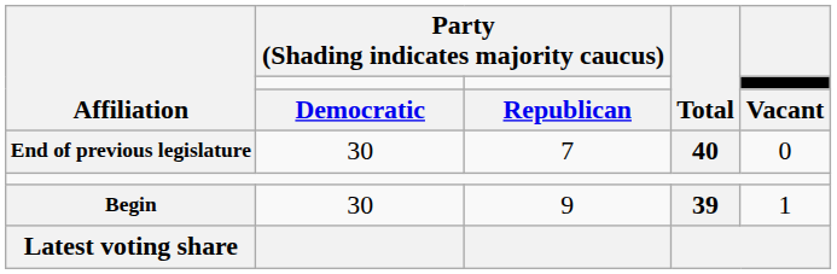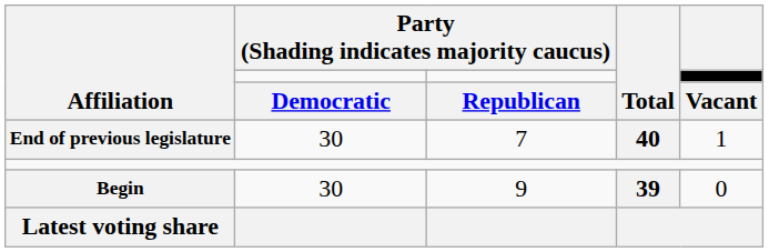 <table class="wikitable" style="text-align:center">
 <tr valign="bottom">
 <th scope="col" rowspan="3">Affiliation</th>
 <th scope="col" colspan="2">Party <div>(Shading indicates majority caucus)</div></th>
 <th scope="col" rowspan="3">Total</th>
 <th scope="col" colspan="2"></th>
 </tr>
 <tr style="height:5px">
 <td style="background-color:"></td>
 <td style="background-color:"></td>
 <td colspan="2" style="background:black"></td>
 </tr>
 <tr>
 <th><a href='#'>Democratic</a></th>
 <th><a href='#'>Republican</a></th>
 <th>Vacant</th>
 </tr>
 <tr>
 <th scope="row" style="white-space:nowrap; font-size:80%">End of previous legislature</th>
 <td>30</td>
 <td>7</td>
 <th>40</th>
-<td>0</td>
+<td>1</td>
 </tr>
 <tr>
 <td colspan=6></td>
 </tr>
 <tr>
 <th scope="row" style="white-space:nowrap; font-size:80%">Begin</th>
 <td>30</td>
 <td>9</td>
 <th>39</th>
-<td>1</td>
+<td>0</td>
 </tr>
 <tr>
 <th>Latest voting share</th>
 <th></th>
 <th></th>
 <th colspan=2></th>
 </tr>
 </table>
